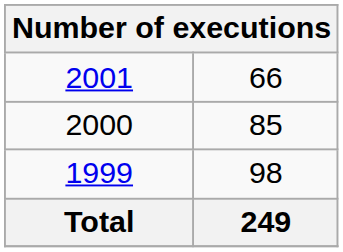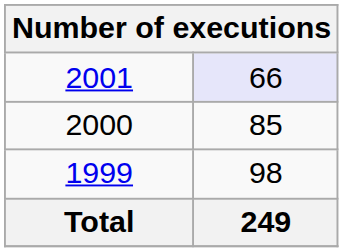 <table class="wikitable" style="text-align:center;">
 <tr>
 <th colspan="2">Number of executions</th>
 </tr>
 <tr>
 <td><a href='#'>2001</a></td>
-<td>66</td>
+<td style="background: lavender;">66</td>
 </tr>
 <tr>
 <td>2000</td>
 <td>85</td>
 </tr>
 <tr>
 <td><a href='#'>1999</a></td>
 <td>98</td>
 </tr>
 <tr>
 <th>Total</th>
 <th>249</th>
 </tr>
 <tr>
 </tr>
 </table>
